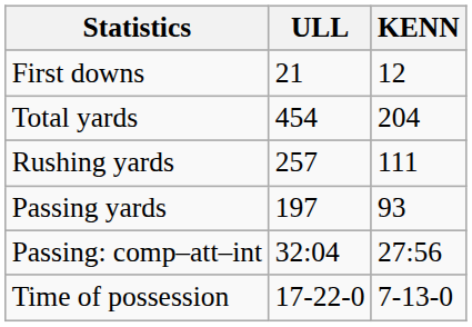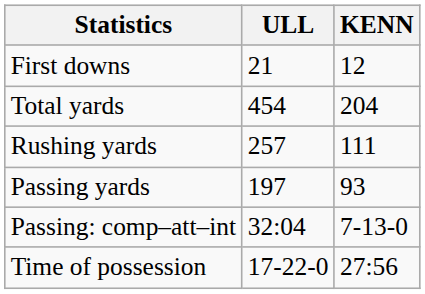 <table class="wikitable" style="float:left">
 <tr>
 <th>Statistics</th>
 <th>ULL</th>
 <th>KENN</th>
 </tr>
 <tr>
 <td>First downs</td>
 <td>21</td>
 <td>12</td>
 </tr>
 <tr>
 <td>Total yards</td>
 <td>454</td>
 <td>204</td>
 </tr>
 <tr>
 <td>Rushing yards</td>
 <td>257</td>
 <td>111</td>
 </tr>
 <tr>
 <td>Passing yards</td>
 <td>197</td>
 <td>93</td>
 </tr>
 <tr>
 <td>Passing: comp–att–int</td>
 <td>32:04</td>
-<td>27:56</td>
+<td>7-13-0</td>
 </tr>
 <tr>
 <td>Time of possession</td>
 <td>17-22-0</td>
-<td>7-13-0</td>
+<td>27:56</td>
 </tr>
 </table>
